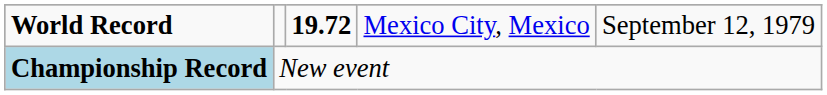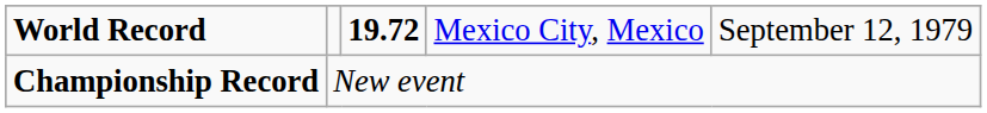 <table class="wikitable">
 <tr>
 <td><strong>World Record</strong></td>
 <td></td>
 <td><strong>19.72</strong></td>
 <td><a href='#'>Mexico City</a>, <a href='#'>Mexico</a></td>
 <td>September 12, 1979</td>
 </tr>
 <tr>
-<td style="background: lightblue;"><strong>Championship Record</strong></td>
+<td><strong>Championship Record</strong></td>
 <td colspan="4"><em>New event</em></td>
 </tr>
 </table>
